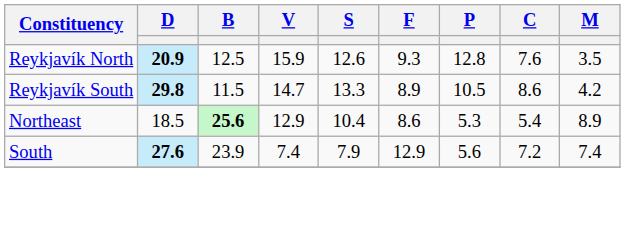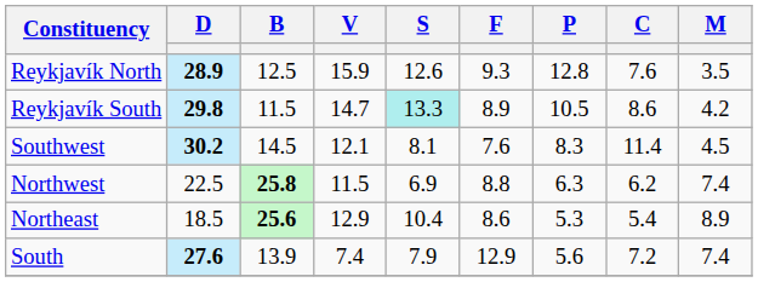 <table class="wikitable sortable" style="font-size:90%; text-align:center;">
 <tr>
 <th rowspan=2><a href='#'>Constituency</a></th>
 <th style="width:40px;"><a href='#'>D</a></th>
 <th style="width:40px;"><a href='#'>B</a></th>
 <th style="width:40px;"><a href='#'>V</a></th>
 <th style="width:40px;"><a href='#'>S</a></th>
 <th style="width:40px;"><a href='#'>F</a></th>
 <th style="width:40px;"><a href='#'>P</a></th>
 <th style="width:40px;"><a href='#'>C</a></th>
 <th style="width:40px;"><a href='#'>M</a></th>
 </tr>
 <tr>
 <th style="background:"></th>
 <th style="background:"></th>
 <th style="background:"></th>
 <th style="background:"></th>
 <th style="background:"></th>
 <th style="background:"></th>
 <th style="background:"></th>
 <th style="background:"></th>
 </tr>
 <tr>
 <td align=left><a href='#'>Reykjavík North</a></td>
-<th style="background:#C6ECFB;">20.9</th>
+<th style="background:#C6ECFB;">28.9</th>
 <td>12.5</td>
 <td>15.9</td>
 <td>12.6</td>
 <td>9.3</td>
 <td>12.8</td>
 <td>7.6</td>
 <td>3.5</td>
 </tr>
 <tr>
 <td align=left><a href='#'>Reykjavík South</a></td>
 <th style="background:#C6ECFB;">29.8</th>
 <td>11.5</td>
 <td>14.7</td>
-<td>13.3</td>
+<td style="background: paleturquoise;">13.3</td>
 <td>8.9</td>
 <td>10.5</td>
 <td>8.6</td>
 <td>4.2</td>
+</tr>
+<tr>
+<td align=left><a href='#'>Southwest</a></td>
+<th style="background:#C6ECFB;">30.2</th>
+<td>14.5</td>
+<td>12.1</td>
+<td>8.1</td>
+<td>7.6</td>
+<td>8.3</td>
+<td>11.4</td>
+<td>4.5</td>
+</tr>
+<tr>
+<td align=left><a href='#'>Northwest</a></td>
+<td>22.5</td>
+<th style="background:#C5F7CA;">25.8</th>
+<td>11.5</td>
+<td>6.9</td>
+<td>8.8</td>
+<td>6.3</td>
+<td>6.2</td>
+<td>7.4</td>
 </tr>
 <tr>
 <td align=left><a href='#'>Northeast</a></td>
 <td>18.5</td>
 <th style="background:#C5F7CA;">25.6</th>
 <td>12.9</td>
 <td>10.4</td>
 <td>8.6</td>
 <td>5.3</td>
 <td>5.4</td>
 <td>8.9</td>
 </tr>
 <tr>
 <td align=left><a href='#'>South</a></td>
 <th style="background:#C6ECFB;">27.6</th>
-<td>23.9</td>
+<td>13.9</td>
 <td>7.4</td>
 <td>7.9</td>
 <td>12.9</td>
 <td>5.6</td>
 <td>7.2</td>
 <td>7.4</td>
 </tr>
 <tr>
 </tr>
 </table>
